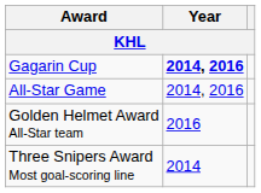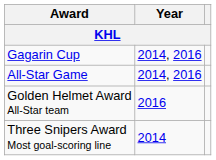 <table class="wikitable">
 <tr>
 <th>Award</th>
 <th>Year</th>
 <th></th>
 </tr>
 <tr>
 <th colspan="3"><a href='#'>KHL</a></th>
 </tr>
 <tr>
 <td><a href='#'>Gagarin Cup</a></td>
-<td><strong><a href='#'>2014</a>, <a href='#'>2016</a></strong></td>
+<td><a href='#'>2014</a>, <a href='#'>2016</a></td>
 <td></td>
 </tr>
 <tr>
 <td><a href='#'>All-Star Game</a></td>
 <td><a href='#'>2014</a>, <a href='#'>2016</a></td>
 <td></td>
 </tr>
 <tr>
 <td>Golden Helmet Award<br><small>All-Star team</small></td>
 <td><a href='#'>2016</a></td>
 <td></td>
 </tr>
 <tr>
 <td>Three Snipers Award<br><small>Most goal-scoring line</small></td>
 <td><a href='#'>2014</a></td>
 <td></td>
 </tr>
 </table>
